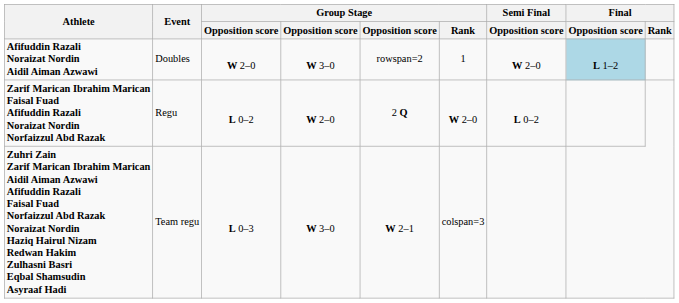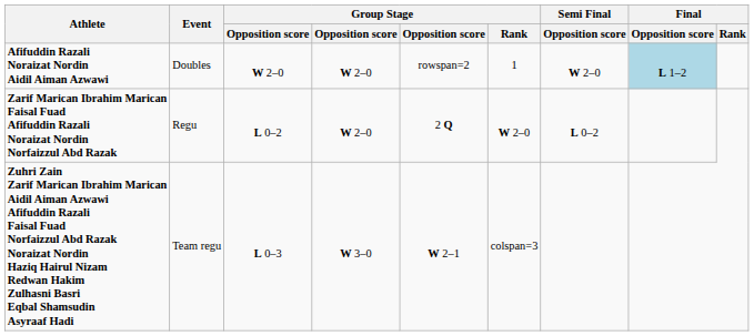 <table class="wikitable" style="font-size:90%">
 <tr>
 <th rowspan="2">Athlete</th>
 <th rowspan="2">Event</th>
 <th colspan="4">Group Stage</th>
 <th>Semi Final</th>
 <th colspan="2">Final</th>
 </tr>
 <tr>
 <th>Opposition score</th>
 <th>Opposition score</th>
 <th>Opposition score</th>
 <th>Rank</th>
 <th>Opposition score</th>
 <th>Opposition score</th>
 <th>Rank</th>
 </tr>
 <tr align="center">
 <td align="left"><strong>Afifuddin Razali<br>Noraizat Nordin<br>Aidil Aiman Azwawi</strong></td>
 <td align="left">Doubles</td>
 <td><br><strong>W</strong> 2–0</td>
-<td><br><strong>W</strong> 3–0</td>
+<td><br><strong>W</strong> 2–0</td>
 <td>rowspan=2 </td>
 <td>1</td>
 <td><br><strong>W</strong> 2–0</td>
 <td style="background: lightblue;"><br><strong>L</strong> 1–2</td>
 <td></td>
 </tr>
 <tr align="center">
 <td align="left"><strong>Zarif Marican Ibrahim Marican<br>Faisal Fuad<br>Afifuddin Razali<br>Noraizat Nordin<br>Norfaizzul Abd Razak</strong></td>
 <td align="left">Regu</td>
 <td><br><strong>L</strong> 0–2</td>
 <td><br><strong>W</strong> 2–0</td>
 <td>2 <strong>Q</strong></td>
 <td><br><strong>W</strong> 2–0</td>
 <td><br><strong>L</strong> 0–2</td>
 <td></td>
 </tr>
 <tr align="center">
 <td align="left"><strong>Zuhri Zain<br>Zarif Marican Ibrahim Marican<br>Aidil Aiman Azwawi<br>Afifuddin Razali<br>Faisal Fuad<br>Norfaizzul Abd Razak<br>Noraizat Nordin<br>Haziq Hairul Nizam<br>Redwan Hakim<br>Zulhasni Basri<br>Eqbal Shamsudin<br>Asyraaf Hadi</strong></td>
 <td align="left">Team regu</td>
 <td><br><strong>L</strong> 0–3</td>
 <td><br><strong>W</strong> 3–0</td>
 <td><br><strong>W</strong> 2–1</td>
 <td>colspan=3 </td>
 <td></td>
 </tr>
 </table>
